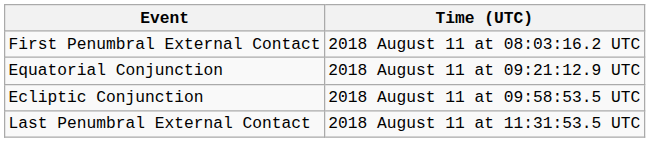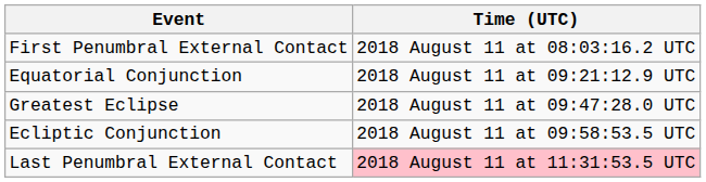 <table class="wikitable">
 <tr>
 <th>Event</th>
 <th>Time (UTC)</th>
 </tr>
 <tr>
 <td>First Penumbral External Contact</td>
 <td>2018 August 11 at 08:03:16.2 UTC</td>
 </tr>
 <tr>
 <td>Equatorial Conjunction</td>
 <td>2018 August 11 at 09:21:12.9 UTC</td>
 </tr>
 <tr>
+<td>Greatest Eclipse</td>
+<td>2018 August 11 at 09:47:28.0 UTC</td>
+</tr>
+<tr>
 <td>Ecliptic Conjunction</td>
 <td>2018 August 11 at 09:58:53.5 UTC</td>
 </tr>
 <tr>
 <td>Last Penumbral External Contact</td>
-<td>2018 August 11 at 11:31:53.5 UTC</td>
+<td style="background: pink;">2018 August 11 at 11:31:53.5 UTC</td>
 </tr>
 </table>
